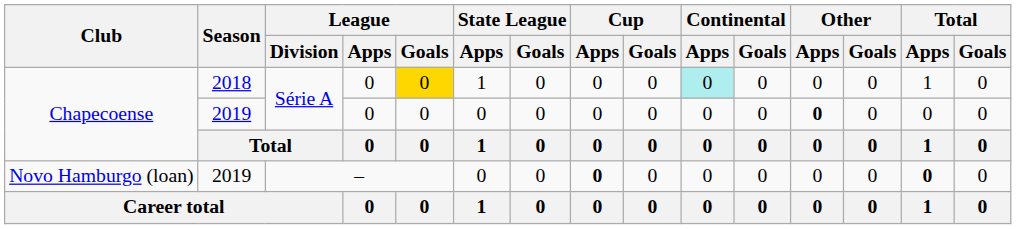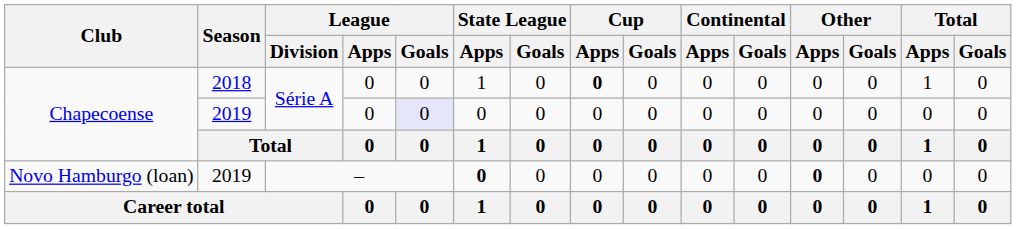 <table class="wikitable" style="text-align: center">
 <tr>
 <th rowspan="2">Club</th>
 <th rowspan="2">Season</th>
 <th colspan="3">League</th>
 <th colspan="2">State League</th>
 <th colspan="2">Cup</th>
 <th colspan="2">Continental</th>
 <th colspan="2">Other</th>
 <th colspan="2">Total</th>
 </tr>
 <tr>
 <th>Division</th>
 <th>Apps</th>
 <th>Goals</th>
 <th>Apps</th>
 <th>Goals</th>
 <th>Apps</th>
 <th>Goals</th>
 <th>Apps</th>
 <th>Goals</th>
 <th>Apps</th>
 <th>Goals</th>
 <th>Apps</th>
 <th>Goals</th>
 </tr>
 <tr>
 <td rowspan="3"><a href='#'>Chapecoense</a></td>
 <td><a href='#'>2018</a></td>
 <td rowspan="2"><a href='#'>Série A</a></td>
 <td>0</td>
-<td style="background: gold;">0</td>
+<td>0</td>
 <td>1</td>
 <td>0</td>
+<td><strong>0</strong></td>
 <td>0</td>
 <td>0</td>
-<td style="background: paleturquoise;">0</td>
 <td>0</td>
 <td>0</td>
 <td>0</td>
 <td>1</td>
 <td>0</td>
 </tr>
 <tr>
 <td><a href='#'>2019</a></td>
 <td>0</td>
+<td style="background: lavender;">0</td>
 <td>0</td>
 <td>0</td>
 <td>0</td>
 <td>0</td>
 <td>0</td>
 <td>0</td>
 <td>0</td>
-<td><strong>0</strong></td>
 <td>0</td>
 <td>0</td>
 <td>0</td>
 </tr>
 <tr>
 <th colspan="2"><strong>Total</strong></th>
 <th>0</th>
 <th>0</th>
 <th>1</th>
 <th>0</th>
 <th>0</th>
 <th>0</th>
 <th>0</th>
 <th>0</th>
 <th>0</th>
 <th>0</th>
 <th>1</th>
 <th>0</th>
 </tr>
 <tr>
 <td><a href='#'>Novo Hamburgo</a> (loan)</td>
 <td>2019</td>
 <td colspan="3">–</td>
-<td>0</td>
-<td>0</td>
 <td><strong>0</strong></td>
 <td>0</td>
 <td>0</td>
 <td>0</td>
 <td>0</td>
 <td>0</td>
 <td><strong>0</strong></td>
+<td>0</td>
+<td>0</td>
 <td>0</td>
 </tr>
 <tr>
 <th colspan="3"><strong>Career total</strong></th>
 <th>0</th>
 <th>0</th>
 <th>1</th>
 <th>0</th>
 <th>0</th>
 <th>0</th>
 <th>0</th>
 <th>0</th>
 <th>0</th>
 <th>0</th>
 <th>1</th>
 <th>0</th>
 </tr>
 </table>
